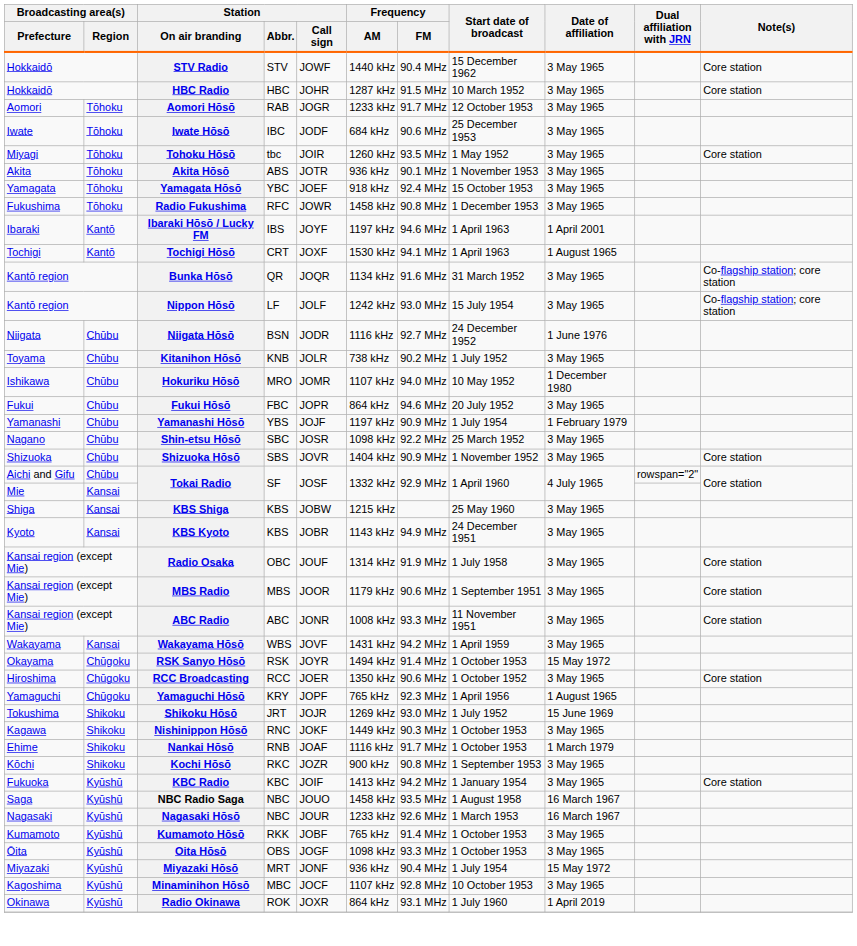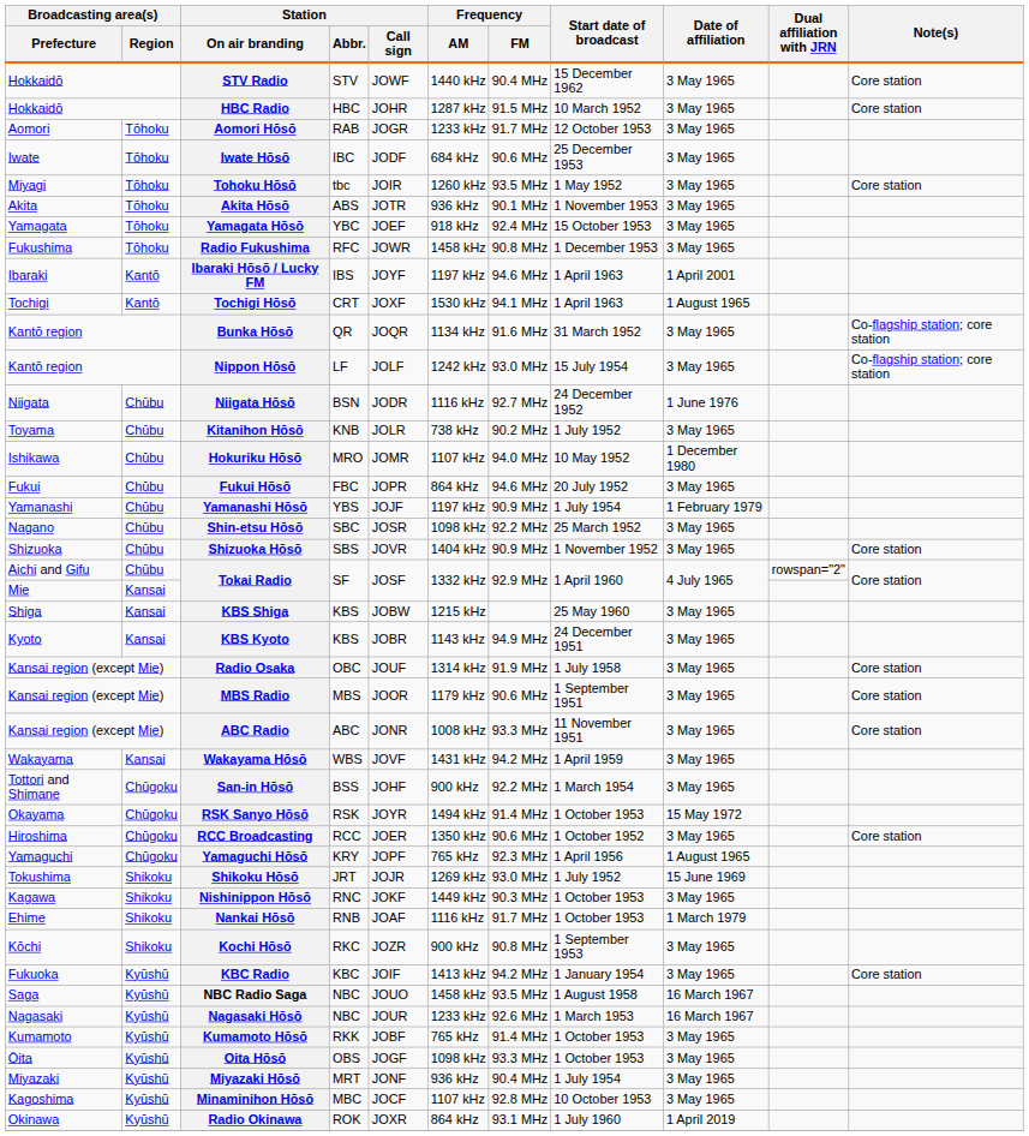 <table class="wikitable sortable">
 <tr>
 <th colspan="2">Broadcasting area(s)</th>
 <th colspan="3">Station</th>
 <th colspan="2">Frequency</th>
 <th rowspan="2" style="border-bottom:3px solid #ff6600;">Start date of<br>broadcast</th>
 <th rowspan="2" style="border-bottom:3px solid #ff6600;">Date of<br>affiliation</th>
 <th rowspan="2" style="border-bottom:3px solid #ff6600;">Dual<br>affiliation<br>with <a href='#'>JRN</a></th>
 <th rowspan="2" style="border-bottom:3px solid #ff6600;">Note(s)</th>
 </tr>
 <tr>
 <th style="border-bottom:3px solid #ff6600;">Prefecture</th>
 <th style="border-bottom:3px solid #ff6600;">Region</th>
 <th style="border-bottom:3px solid #ff6600;">On air branding</th>
 <th style="border-bottom:3px solid #ff6600;">Abbr.</th>
 <th style="border-bottom:3px solid #ff6600;">Call sign</th>
 <th style="border-bottom:3px solid #ff6600;">AM</th>
 <th style="border-bottom:3px solid #ff6600;">FM</th>
 </tr>
 <tr>
 <td colspan="2"><a href='#'>Hokkaidō</a></td>
 <th><a href='#'>STV Radio</a></th>
 <td>STV</td>
 <td>JOWF</td>
 <td>1440 kHz</td>
 <td>90.4 MHz</td>
 <td>15 December 1962</td>
 <td>3 May 1965</td>
 <td></td>
 <td>Core station</td>
 </tr>
 <tr>
 <td colspan="2"><a href='#'>Hokkaidō</a></td>
 <th><a href='#'>HBC Radio</a></th>
 <td>HBC</td>
 <td>JOHR</td>
 <td>1287 kHz</td>
 <td>91.5 MHz</td>
 <td>10 March 1952</td>
 <td>3 May 1965</td>
 <td></td>
 <td>Core station</td>
 </tr>
 <tr>
 <td><a href='#'>Aomori</a></td>
 <td><a href='#'>Tōhoku</a></td>
 <th><a href='#'>Aomori Hōsō</a></th>
 <td>RAB</td>
 <td>JOGR</td>
 <td>1233 kHz</td>
 <td>91.7 MHz</td>
 <td>12 October 1953</td>
 <td>3 May 1965</td>
 <td></td>
 <td></td>
 </tr>
 <tr>
 <td><a href='#'>Iwate</a></td>
 <td><a href='#'>Tōhoku</a></td>
 <th><a href='#'>Iwate Hōsō</a></th>
 <td>IBC</td>
 <td>JODF</td>
 <td>684 kHz</td>
 <td>90.6 MHz</td>
 <td>25 December 1953</td>
 <td>3 May 1965</td>
 <td></td>
 <td></td>
 </tr>
 <tr>
 <td><a href='#'>Miyagi</a></td>
 <td><a href='#'>Tōhoku</a></td>
 <th><a href='#'>Tohoku Hōsō</a></th>
 <td>tbc</td>
 <td>JOIR</td>
 <td>1260 kHz</td>
 <td>93.5 MHz</td>
 <td>1 May 1952</td>
 <td>3 May 1965</td>
 <td></td>
 <td>Core station</td>
 </tr>
 <tr>
 <td><a href='#'>Akita</a></td>
 <td><a href='#'>Tōhoku</a></td>
 <th><a href='#'>Akita Hōsō</a></th>
 <td>ABS</td>
 <td>JOTR</td>
 <td>936 kHz</td>
 <td>90.1 MHz</td>
 <td>1 November 1953</td>
 <td>3 May 1965</td>
 <td></td>
 <td></td>
 </tr>
 <tr>
 <td><a href='#'>Yamagata</a></td>
 <td><a href='#'>Tōhoku</a></td>
 <th><a href='#'>Yamagata Hōsō</a></th>
 <td>YBC</td>
 <td>JOEF</td>
 <td>918 kHz</td>
 <td>92.4 MHz</td>
 <td>15 October 1953</td>
 <td>3 May 1965</td>
 <td></td>
 <td></td>
 </tr>
 <tr>
 <td><a href='#'>Fukushima</a></td>
 <td><a href='#'>Tōhoku</a></td>
 <th><a href='#'>Radio Fukushima</a></th>
 <td>RFC</td>
 <td>JOWR</td>
 <td>1458 kHz</td>
 <td>90.8 MHz</td>
 <td>1 December 1953</td>
 <td>3 May 1965</td>
 <td></td>
 <td></td>
 </tr>
 <tr>
 <td><a href='#'>Ibaraki</a></td>
 <td><a href='#'>Kantō</a></td>
 <th><a href='#'>Ibaraki Hōsō / Lucky FM</a></th>
 <td>IBS</td>
 <td>JOYF</td>
 <td>1197 kHz</td>
 <td>94.6 MHz</td>
 <td>1 April 1963</td>
 <td>1 April 2001</td>
 <td></td>
 <td></td>
 </tr>
 <tr>
 <td><a href='#'>Tochigi</a></td>
 <td><a href='#'>Kantō</a></td>
 <th><a href='#'>Tochigi Hōsō</a></th>
 <td>CRT</td>
 <td>JOXF</td>
 <td>1530 kHz</td>
 <td>94.1 MHz</td>
 <td>1 April 1963</td>
 <td>1 August 1965</td>
 <td></td>
 <td></td>
 </tr>
 <tr>
 <td colspan="2"><a href='#'>Kantō region</a></td>
 <th><a href='#'>Bunka Hōsō</a></th>
 <td>QR</td>
 <td>JOQR</td>
 <td>1134 kHz</td>
 <td>91.6 MHz</td>
 <td>31 March 1952</td>
 <td>3 May 1965</td>
 <td></td>
 <td>Co-<a href='#'>flagship station</a>; core station</td>
 </tr>
 <tr>
 <td colspan="2"><a href='#'>Kantō region</a></td>
 <th><a href='#'>Nippon Hōsō</a></th>
 <td>LF</td>
 <td>JOLF</td>
 <td>1242 kHz</td>
 <td>93.0 MHz</td>
 <td>15 July 1954</td>
 <td>3 May 1965</td>
 <td></td>
 <td>Co-<a href='#'>flagship station</a>; core station</td>
 </tr>
 <tr>
 <td><a href='#'>Niigata</a></td>
 <td><a href='#'>Chūbu</a></td>
 <th><a href='#'>Niigata Hōsō</a></th>
 <td>BSN</td>
 <td>JODR</td>
 <td>1116 kHz</td>
 <td>92.7 MHz</td>
 <td>24 December 1952</td>
 <td>1 June 1976</td>
 <td></td>
 <td></td>
 </tr>
 <tr>
 <td><a href='#'>Toyama</a></td>
 <td><a href='#'>Chūbu</a></td>
 <th><a href='#'>Kitanihon Hōsō</a></th>
 <td>KNB</td>
 <td>JOLR</td>
 <td>738 kHz</td>
 <td>90.2 MHz</td>
 <td>1 July 1952</td>
 <td>3 May 1965</td>
 <td></td>
 <td></td>
 </tr>
 <tr>
 <td><a href='#'>Ishikawa</a></td>
 <td><a href='#'>Chūbu</a></td>
 <th><a href='#'>Hokuriku Hōsō</a></th>
 <td>MRO</td>
 <td>JOMR</td>
 <td>1107 kHz</td>
 <td>94.0 MHz</td>
 <td>10 May 1952</td>
 <td>1 December 1980</td>
 <td></td>
 <td></td>
 </tr>
 <tr>
 <td><a href='#'>Fukui</a></td>
 <td><a href='#'>Chūbu</a></td>
 <th><a href='#'>Fukui Hōsō</a></th>
 <td>FBC</td>
 <td>JOPR</td>
 <td>864 kHz</td>
 <td>94.6 MHz</td>
 <td>20 July 1952</td>
 <td>3 May 1965</td>
 <td></td>
 <td></td>
 </tr>
 <tr>
 <td><a href='#'>Yamanashi</a></td>
 <td><a href='#'>Chūbu</a></td>
 <th><a href='#'>Yamanashi Hōsō</a></th>
 <td>YBS</td>
 <td>JOJF</td>
 <td>1197 kHz</td>
 <td>90.9 MHz</td>
 <td>1 July 1954</td>
 <td>1 February 1979</td>
 <td></td>
 <td></td>
 </tr>
 <tr>
 <td><a href='#'>Nagano</a></td>
 <td><a href='#'>Chūbu</a></td>
 <th><a href='#'>Shin-etsu Hōsō</a></th>
 <td>SBC</td>
 <td>JOSR</td>
 <td>1098 kHz</td>
 <td>92.2 MHz</td>
 <td>25 March 1952</td>
 <td>3 May 1965</td>
 <td></td>
 <td></td>
 </tr>
 <tr>
 <td><a href='#'>Shizuoka</a></td>
 <td><a href='#'>Chūbu</a></td>
 <th><a href='#'>Shizuoka Hōsō</a></th>
 <td>SBS</td>
 <td>JOVR</td>
 <td>1404 kHz</td>
 <td>90.9 MHz</td>
 <td>1 November 1952</td>
 <td>3 May 1965</td>
 <td></td>
 <td>Core station</td>
 </tr>
 <tr>
 <td><a href='#'>Aichi</a> and <a href='#'>Gifu</a></td>
 <td><a href='#'>Chūbu</a></td>
 <th rowspan="2"><a href='#'>Tokai Radio</a></th>
 <td rowspan="2">SF</td>
 <td rowspan="2">JOSF</td>
 <td rowspan="2">1332 kHz</td>
 <td rowspan="2">92.9 MHz</td>
 <td rowspan="2">1 April 1960</td>
 <td rowspan="2">4 July 1965</td>
 <td>rowspan="2" </td>
 <td rowspan="2">Core station</td>
 </tr>
 <tr>
 <td><a href='#'>Mie</a></td>
 <td><a href='#'>Kansai</a></td>
 </tr>
 <tr>
 <td><a href='#'>Shiga</a></td>
 <td><a href='#'>Kansai</a></td>
 <th><a href='#'>KBS Shiga</a></th>
 <td>KBS</td>
 <td>JOBW</td>
 <td>1215 kHz</td>
 <td></td>
 <td>25 May 1960</td>
 <td>3 May 1965</td>
 <td></td>
 <td></td>
 </tr>
 <tr>
 <td><a href='#'>Kyoto</a></td>
 <td><a href='#'>Kansai</a></td>
 <th><a href='#'>KBS Kyoto</a></th>
 <td>KBS</td>
 <td>JOBR</td>
 <td>1143 kHz</td>
 <td>94.9 MHz</td>
 <td>24 December 1951</td>
 <td>3 May 1965</td>
 <td></td>
 <td></td>
 </tr>
 <tr>
 <td colspan="2"><a href='#'>Kansai region</a> (except <a href='#'>Mie</a>)</td>
 <th><a href='#'>Radio Osaka</a></th>
 <td>OBC</td>
 <td>JOUF</td>
 <td>1314 kHz</td>
 <td>91.9 MHz</td>
 <td>1 July 1958</td>
 <td>3 May 1965</td>
 <td></td>
 <td>Core station</td>
 </tr>
 <tr>
 <td colspan="2"><a href='#'>Kansai region</a> (except <a href='#'>Mie</a>)</td>
 <th><a href='#'>MBS Radio</a></th>
 <td>MBS</td>
 <td>JOOR</td>
 <td>1179 kHz</td>
 <td>90.6 MHz</td>
 <td>1 September 1951</td>
 <td>3 May 1965</td>
 <td></td>
 <td>Core station</td>
 </tr>
 <tr>
 <td colspan="2"><a href='#'>Kansai region</a> (except <a href='#'>Mie</a>)</td>
 <th><a href='#'>ABC Radio</a></th>
 <td>ABC</td>
 <td>JONR</td>
 <td>1008 kHz</td>
 <td>93.3 MHz</td>
 <td>11 November 1951</td>
 <td>3 May 1965</td>
 <td></td>
 <td>Core station</td>
 </tr>
 <tr>
 <td><a href='#'>Wakayama</a></td>
 <td><a href='#'>Kansai</a></td>
 <th><a href='#'>Wakayama Hōsō</a></th>
 <td>WBS</td>
 <td>JOVF</td>
 <td>1431 kHz</td>
 <td>94.2 MHz</td>
 <td>1 April 1959</td>
 <td>3 May 1965</td>
 <td></td>
 <td></td>
 </tr>
 <tr>
+<td><a href='#'>Tottori</a> and <a href='#'>Shimane</a></td>
+<td><a href='#'>Chūgoku</a></td>
+<th><a href='#'>San-in Hōsō</a></th>
+<td>BSS</td>
+<td>JOHF</td>
+<td>900 kHz</td>
+<td>92.2 MHz</td>
+<td>1 March 1954</td>
+<td>3 May 1965</td>
+<td></td>
+<td></td>
+</tr>
+<tr>
 <td><a href='#'>Okayama</a></td>
 <td><a href='#'>Chūgoku</a></td>
 <th><a href='#'>RSK Sanyo Hōsō</a></th>
 <td>RSK</td>
 <td>JOYR</td>
 <td>1494 kHz</td>
 <td>91.4 MHz</td>
 <td>1 October 1953</td>
 <td>15 May 1972</td>
 <td></td>
 <td></td>
 </tr>
 <tr>
 <td><a href='#'>Hiroshima</a></td>
 <td><a href='#'>Chūgoku</a></td>
 <th><a href='#'>RCC Broadcasting</a></th>
 <td>RCC</td>
 <td>JOER</td>
 <td>1350 kHz</td>
 <td>90.6 MHz</td>
 <td>1 October 1952</td>
 <td>3 May 1965</td>
 <td></td>
 <td>Core station</td>
 </tr>
 <tr>
 <td><a href='#'>Yamaguchi</a></td>
 <td><a href='#'>Chūgoku</a></td>
 <th><a href='#'>Yamaguchi Hōsō</a></th>
 <td>KRY</td>
 <td>JOPF</td>
 <td>765 kHz</td>
 <td>92.3 MHz</td>
 <td>1 April 1956</td>
 <td>1 August 1965</td>
 <td></td>
 <td></td>
 </tr>
 <tr>
 <td><a href='#'>Tokushima</a></td>
 <td><a href='#'>Shikoku</a></td>
 <th><a href='#'>Shikoku Hōsō</a></th>
 <td>JRT</td>
 <td>JOJR</td>
 <td>1269 kHz</td>
 <td>93.0 MHz</td>
 <td>1 July 1952</td>
 <td>15 June 1969</td>
 <td></td>
 <td></td>
 </tr>
 <tr>
 <td><a href='#'>Kagawa</a></td>
 <td><a href='#'>Shikoku</a></td>
 <th><a href='#'>Nishinippon Hōsō</a></th>
 <td>RNC</td>
 <td>JOKF</td>
 <td>1449 kHz</td>
 <td>90.3 MHz</td>
 <td>1 October 1953</td>
 <td>3 May 1965</td>
 <td></td>
 <td></td>
 </tr>
 <tr>
 <td><a href='#'>Ehime</a></td>
 <td><a href='#'>Shikoku</a></td>
 <th><a href='#'>Nankai Hōsō</a></th>
 <td>RNB</td>
 <td>JOAF</td>
 <td>1116 kHz</td>
 <td>91.7 MHz</td>
 <td>1 October 1953</td>
 <td>1 March 1979</td>
 <td></td>
 <td></td>
 </tr>
 <tr>
 <td><a href='#'>Kōchi</a></td>
 <td><a href='#'>Shikoku</a></td>
 <th><a href='#'>Kochi Hōsō</a></th>
 <td>RKC</td>
 <td>JOZR</td>
 <td>900 kHz</td>
 <td>90.8 MHz</td>
 <td>1 September 1953</td>
 <td>3 May 1965</td>
 <td></td>
 <td></td>
 </tr>
 <tr>
 <td><a href='#'>Fukuoka</a></td>
 <td><a href='#'>Kyūshū</a></td>
 <th><a href='#'>KBC Radio</a></th>
 <td>KBC</td>
 <td>JOIF</td>
 <td>1413 kHz</td>
 <td>94.2 MHz</td>
 <td>1 January 1954</td>
 <td>3 May 1965</td>
 <td></td>
 <td>Core station</td>
 </tr>
 <tr>
 <td><a href='#'>Saga</a></td>
 <td><a href='#'>Kyūshū</a></td>
 <th>NBC Radio Saga</th>
 <td>NBC</td>
 <td>JOUO</td>
 <td>1458 kHz</td>
 <td>93.5 MHz</td>
 <td>1 August 1958</td>
 <td>16 March 1967</td>
 <td></td>
 <td></td>
 </tr>
 <tr>
 <td><a href='#'>Nagasaki</a></td>
 <td><a href='#'>Kyūshū</a></td>
 <th><a href='#'>Nagasaki Hōsō</a></th>
 <td>NBC</td>
 <td>JOUR</td>
 <td>1233 kHz</td>
 <td>92.6 MHz</td>
 <td>1 March 1953</td>
 <td>16 March 1967</td>
 <td></td>
 <td></td>
 </tr>
 <tr>
 <td><a href='#'>Kumamoto</a></td>
 <td><a href='#'>Kyūshū</a></td>
 <th><a href='#'>Kumamoto Hōsō</a></th>
 <td>RKK</td>
 <td>JOBF</td>
 <td>765 kHz</td>
 <td>91.4 MHz</td>
 <td>1 October 1953</td>
 <td>3 May 1965</td>
 <td></td>
 <td></td>
 </tr>
 <tr>
 <td><a href='#'>Ōita</a></td>
 <td><a href='#'>Kyūshū</a></td>
 <th><a href='#'>Oita Hōsō</a></th>
 <td>OBS</td>
 <td>JOGF</td>
 <td>1098 kHz</td>
 <td>93.3 MHz</td>
 <td>1 October 1953</td>
 <td>3 May 1965</td>
 <td></td>
 <td></td>
 </tr>
 <tr>
 <td><a href='#'>Miyazaki</a></td>
 <td><a href='#'>Kyūshū</a></td>
 <th><a href='#'>Miyazaki Hōsō</a></th>
 <td>MRT</td>
 <td>JONF</td>
 <td>936 kHz</td>
 <td>90.4 MHz</td>
 <td>1 July 1954</td>
-<td>15 May 1972</td>
+<td>3 May 1965</td>
 <td></td>
 <td></td>
 </tr>
 <tr>
 <td><a href='#'>Kagoshima</a></td>
 <td><a href='#'>Kyūshū</a></td>
 <th><a href='#'>Minaminihon Hōsō</a></th>
 <td>MBC</td>
 <td>JOCF</td>
 <td>1107 kHz</td>
 <td>92.8 MHz</td>
 <td>10 October 1953</td>
 <td>3 May 1965</td>
 <td></td>
 <td></td>
 </tr>
 <tr>
 <td><a href='#'>Okinawa</a></td>
 <td><a href='#'>Kyūshū</a></td>
 <th><a href='#'>Radio Okinawa</a></th>
 <td>ROK</td>
 <td>JOXR</td>
 <td>864 kHz</td>
 <td>93.1 MHz</td>
 <td>1 July 1960</td>
 <td>1 April 2019</td>
 <td></td>
 <td></td>
 </tr>
 <tr>
 </tr>
 </table>
